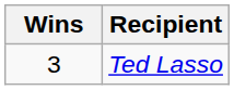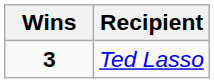 <table class="wikitable" rowspan="2" style="text-align:center;" background: #f6e39c;>
 <tr>
 <th scope="col" style="width:55px;">Wins</th>
 <th scope="col" style="text-align:center;">Recipient</th>
 </tr>
 <tr>
-<td style="text-align: center;">3</td>
+<td style="text-align: center;"><strong>3</strong></td>
 <td><em><a href='#'>Ted Lasso</a></em></td>
 </tr>
 </table>
